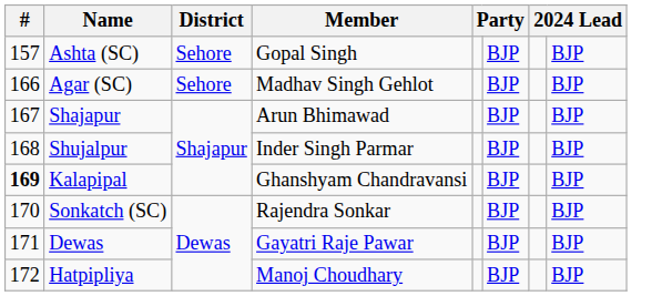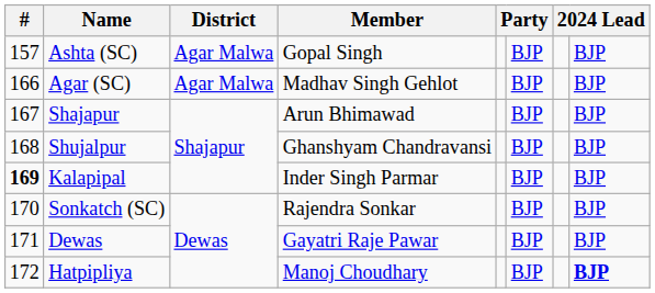 <table class="wikitable">
 <tr>
 <th>#</th>
 <th>Name</th>
 <th>District</th>
 <th>Member</th>
 <th colspan="2">Party</th>
 <th colspan="2">2024 Lead</th>
 </tr>
 <tr>
 <td>157</td>
 <td><a href='#'>Ashta</a> (SC)</td>
-<td><a href='#'>Sehore</a></td>
+<td><a href='#'>Agar Malwa</a></td>
 <td>Gopal Singh</td>
 <td style="background-color: "></td>
 <td><a href='#'>BJP</a></td>
 <td style="background-color: "></td>
 <td><a href='#'>BJP</a></td>
 </tr>
 <tr>
 <td>166</td>
 <td><a href='#'>Agar</a> (SC)</td>
-<td><a href='#'>Sehore</a></td>
+<td><a href='#'>Agar Malwa</a></td>
 <td>Madhav Singh Gehlot</td>
 <td style="background-color: "></td>
 <td><a href='#'>BJP</a></td>
 <td style="background-color: "></td>
 <td><a href='#'>BJP</a></td>
 </tr>
 <tr>
 <td>167</td>
 <td><a href='#'>Shajapur</a></td>
 <td rowspan=3><a href='#'>Shajapur</a></td>
 <td>Arun Bhimawad</td>
 <td style="background-color: "></td>
 <td><a href='#'>BJP</a></td>
 <td style="background-color: "></td>
 <td><a href='#'>BJP</a></td>
 </tr>
 <tr>
 <td>168</td>
 <td><a href='#'>Shujalpur</a></td>
-<td>Inder Singh Parmar</td>
+<td>Ghanshyam Chandravansi</td>
 <td style="background-color: "></td>
 <td><a href='#'>BJP</a></td>
 <td style="background-color: "></td>
 <td><a href='#'>BJP</a></td>
 </tr>
 <tr>
 <td><strong>169</strong></td>
 <td><a href='#'>Kalapipal</a></td>
-<td>Ghanshyam Chandravansi</td>
+<td>Inder Singh Parmar</td>
 <td style="background-color: "></td>
 <td><a href='#'>BJP</a></td>
 <td style="background-color: "></td>
 <td><a href='#'>BJP</a></td>
 </tr>
 <tr>
 <td>170</td>
 <td><a href='#'>Sonkatch</a> (SC)</td>
 <td rowspan=3><a href='#'>Dewas</a></td>
 <td>Rajendra Sonkar</td>
 <td style="background-color: "></td>
 <td><a href='#'>BJP</a></td>
 <td style="background-color: "></td>
 <td><a href='#'>BJP</a></td>
 </tr>
 <tr>
 <td>171</td>
 <td><a href='#'>Dewas</a></td>
 <td><a href='#'>Gayatri Raje Pawar</a></td>
 <td style="background-color: "></td>
 <td><a href='#'>BJP</a></td>
 <td style="background-color: "></td>
 <td><a href='#'>BJP</a></td>
 </tr>
 <tr>
 <td>172</td>
 <td><a href='#'>Hatpipliya</a></td>
 <td><a href='#'>Manoj Choudhary</a></td>
 <td style="background-color: "></td>
 <td><a href='#'>BJP</a></td>
 <td style="background-color: "></td>
-<td><a href='#'>BJP</a></td>
+<td><strong><a href='#'>BJP</a></strong></td>
 </tr>
 </table>
